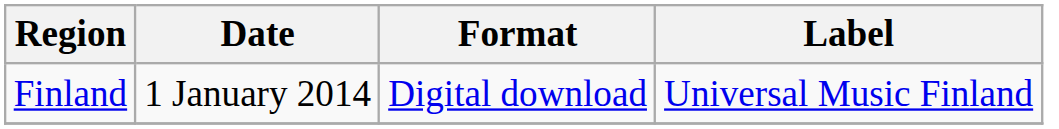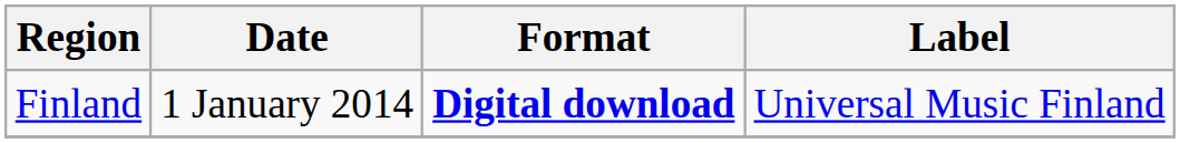 <table class=wikitable>
 <tr>
 <th>Region</th>
 <th>Date</th>
 <th>Format</th>
 <th>Label</th>
 </tr>
 <tr>
 <td><a href='#'>Finland</a></td>
 <td>1 January 2014</td>
-<td><a href='#'>Digital download</a></td>
+<td><strong><a href='#'>Digital download</a></strong></td>
 <td><a href='#'>Universal Music Finland</a></td>
 </tr>
 <tr>
 </tr>
 </table>
